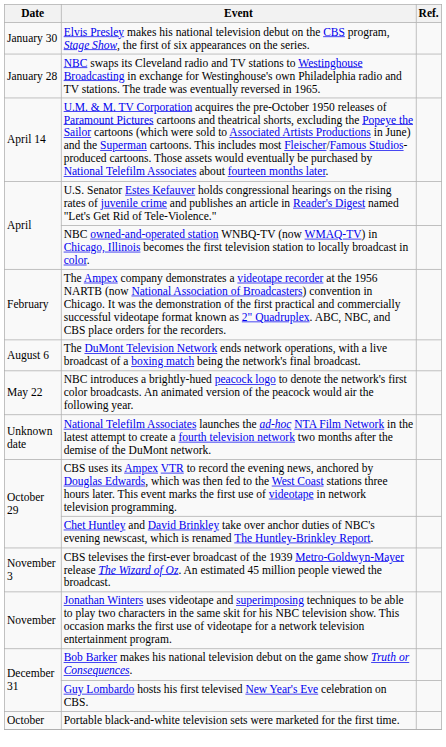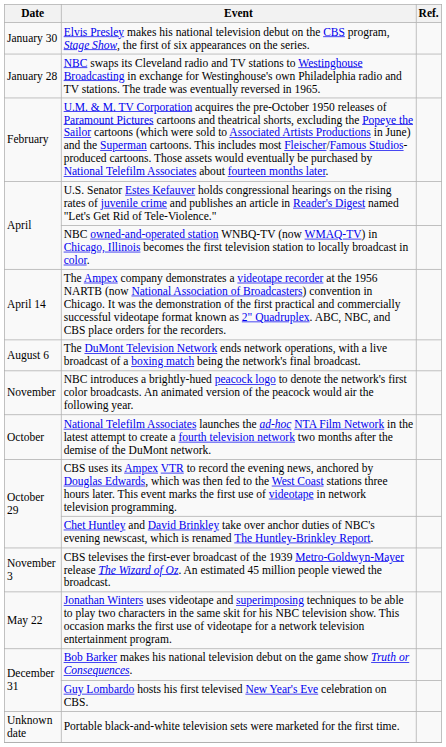 <table class="wikitable sortable">
 <tr>
 <th>Date</th>
 <th>Event</th>
 <th>Ref.</th>
 </tr>
 <tr>
 <td>January 30</td>
 <td><a href='#'>Elvis Presley</a> makes his national television debut on the <a href='#'>CBS</a> program, <em><a href='#'>Stage Show</a></em>, the first of six appearances on the series.</td>
 <td></td>
 </tr>
 <tr>
 <td>January 28</td>
 <td><a href='#'>NBC</a> swaps its Cleveland radio and TV stations to <a href='#'>Westinghouse Broadcasting</a> in exchange for Westinghouse's own Philadelphia radio and TV stations. The trade was eventually reversed in 1965.</td>
 <td></td>
 </tr>
 <tr>
-<td>April 14</td>
+<td>February</td>
 <td><a href='#'>U.M. & M. TV Corporation</a> acquires the pre-October 1950 releases of <a href='#'>Paramount Pictures</a> cartoons and theatrical shorts, excluding the <a href='#'>Popeye the Sailor</a> cartoons (which were sold to <a href='#'>Associated Artists Productions</a> in June) and the <a href='#'>Superman</a> cartoons. This includes most <a href='#'>Fleischer</a>/<a href='#'>Famous Studios</a>-produced cartoons. Those assets would eventually be purchased by <a href='#'>National Telefilm Associates</a> about <a href='#'>fourteen months later</a>.</td>
 <td></td>
 </tr>
 <tr>
 <td rowspan=2>April</td>
 <td>U.S. Senator <a href='#'>Estes Kefauver</a> holds congressional hearings on the rising rates of <a href='#'>juvenile crime</a> and publishes an article in <a href='#'>Reader's Digest</a> named "Let's Get Rid of Tele-Violence."</td>
 <td></td>
 </tr>
 <tr>
 <td>NBC <a href='#'>owned-and-operated station</a> WNBQ-TV (now <a href='#'>WMAQ-TV</a>) in <a href='#'>Chicago, Illinois</a> becomes the first television station to locally broadcast in <a href='#'>color</a>.</td>
 <td></td>
 </tr>
 <tr>
-<td>February</td>
+<td>April 14</td>
 <td>The <a href='#'>Ampex</a> company demonstrates a <a href='#'>videotape recorder</a> at the 1956 NARTB (now <a href='#'>National Association of Broadcasters</a>) convention in Chicago. It was the demonstration of the first practical and commercially successful videotape format known as <a href='#'>2" Quadruplex</a>. ABC, NBC, and CBS place orders for the recorders.</td>
 <td></td>
 </tr>
 <tr>
 <td>August 6</td>
 <td>The <a href='#'>DuMont Television Network</a> ends network operations, with a live broadcast of a <a href='#'>boxing match</a> being the network's final broadcast.</td>
 <td></td>
 </tr>
 <tr>
-<td>May 22</td>
+<td>November</td>
 <td>NBC introduces a brightly-hued <a href='#'>peacock logo</a> to denote the network's first color broadcasts. An animated version of the peacock would air the following year.</td>
 <td></td>
 </tr>
 <tr>
-<td>Unknown date</td>
+<td>October</td>
 <td><a href='#'>National Telefilm Associates</a> launches the <em><a href='#'>ad-hoc</a></em> <a href='#'>NTA Film Network</a> in the latest attempt to create a <a href='#'>fourth television network</a> two months after the demise of the DuMont network.</td>
 <td></td>
 </tr>
 <tr>
 <td rowspan=2>October 29</td>
 <td>CBS uses its <a href='#'>Ampex</a> <a href='#'>VTR</a> to record the evening news, anchored by <a href='#'>Douglas Edwards</a>, which was then fed to the <a href='#'>West Coast</a> stations three hours later. This event marks the first use of <a href='#'>videotape</a> in network television programming.</td>
 <td></td>
 </tr>
 <tr>
 <td><a href='#'>Chet Huntley</a> and <a href='#'>David Brinkley</a> take over anchor duties of NBC's evening newscast, which is renamed <a href='#'>The Huntley-Brinkley Report</a>.</td>
 <td></td>
 </tr>
 <tr>
 <td>November 3</td>
 <td>CBS televises the first-ever broadcast of the 1939 <a href='#'>Metro-Goldwyn-Mayer</a> release <em><a href='#'>The Wizard of Oz</a></em>. An estimated 45 million people viewed the broadcast.</td>
 </tr>
 <tr>
-<td>November</td>
+<td>May 22</td>
 <td><a href='#'>Jonathan Winters</a> uses videotape and <a href='#'>superimposing</a> techniques to be able to play two characters in the same skit for his NBC television show. This occasion marks the first use of videotape for a network television entertainment program.</td>
 <td></td>
 </tr>
 <tr>
 <td rowspan=2>December 31</td>
 <td><a href='#'>Bob Barker</a> makes his national television debut on the game show <em><a href='#'>Truth or Consequences</a></em>.</td>
 <td></td>
 </tr>
 <tr>
 <td><a href='#'>Guy Lombardo</a> hosts his first televised <a href='#'>New Year's Eve</a> celebration on CBS.</td>
 <td></td>
 </tr>
 <tr>
-<td>October</td>
+<td>Unknown date</td>
 <td>Portable black-and-white television sets were marketed for the first time.</td>
 <td></td>
 </tr>
 <tr>
 </tr>
 </table>
